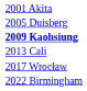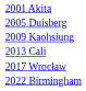 <table>
 <tr>
 <td></td>
 <td></td>
 <td></td>
 <td></td>
 </tr>
 <tr>
 <td></td>
 <td></td>
 <td></td>
 <td></td>
 </tr>
 <tr>
 <td></td>
 <td></td>
 <td></td>
 <td></td>
 </tr>
 <tr>
 <td></td>
 <td></td>
 <td></td>
 <td></td>
 </tr>
 <tr>
 <td><a href='#'>2001 Akita</a></td>
 <td></td>
 <td></td>
 <td></td>
 </tr>
 <tr>
 <td><a href='#'>2005 Duisberg</a></td>
 <td></td>
 <td></td>
 <td></td>
 </tr>
 <tr>
-<td><strong><a href='#'>2009 Kaohsiung</a></strong></td>
+<td><a href='#'>2009 Kaohsiung</a></td>
 <td></td>
 <td></td>
 <td></td>
 </tr>
 <tr>
 <td><a href='#'>2013 Cali</a></td>
 <td></td>
 <td></td>
 <td></td>
 </tr>
 <tr>
 <td><a href='#'>2017 Wrocław</a></td>
 <td></td>
 <td></td>
 <td></td>
 </tr>
 <tr>
 <td><a href='#'>2022 Birmingham</a></td>
 <td></td>
 <td></td>
 <td></td>
 </tr>
 </table>
